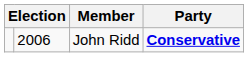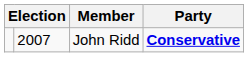 <table class="wikitable">
 <tr>
 <th colspan="2">Election</th>
 <th>Member</th>
 <th>Party</th>
 </tr>
 <tr>
 <td style="background-color: "></td>
-<td>2006</td>
+<td>2007</td>
 <td>John Ridd</td>
 <td><strong><a href='#'>Conservative</a></strong></td>
 </tr>
 </table>
